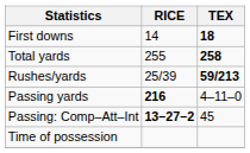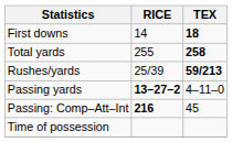 <table class="wikitable" style="float: left;">
 <tr>
 <th>Statistics</th>
 <th>RICE</th>
 <th>TEX</th>
 </tr>
 <tr>
 <td>First downs</td>
 <td>14</td>
 <td><strong>18</strong></td>
 </tr>
 <tr>
 <td>Total yards</td>
 <td>255</td>
 <td><strong>258</strong></td>
 </tr>
 <tr>
 <td>Rushes/yards</td>
 <td>25/39</td>
 <td><strong>59/213</strong></td>
 </tr>
 <tr>
 <td>Passing yards</td>
-<td><strong>216</strong></td>
+<td><strong>13–27–2</strong></td>
 <td>4–11–0</td>
 </tr>
 <tr>
 <td>Passing: Comp–Att–Int</td>
-<td><strong>13–27–2</strong></td>
+<td><strong>216</strong></td>
 <td>45</td>
 </tr>
 <tr>
 <td>Time of possession</td>
 <td></td>
 <td></td>
 </tr>
 <tr>
 </tr>
 </table>
